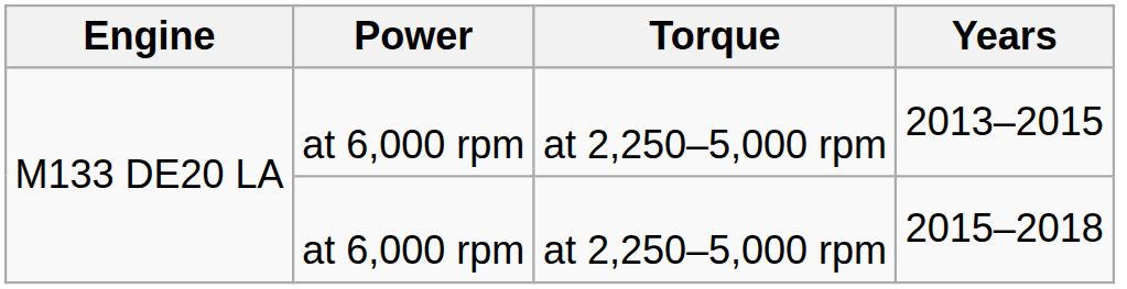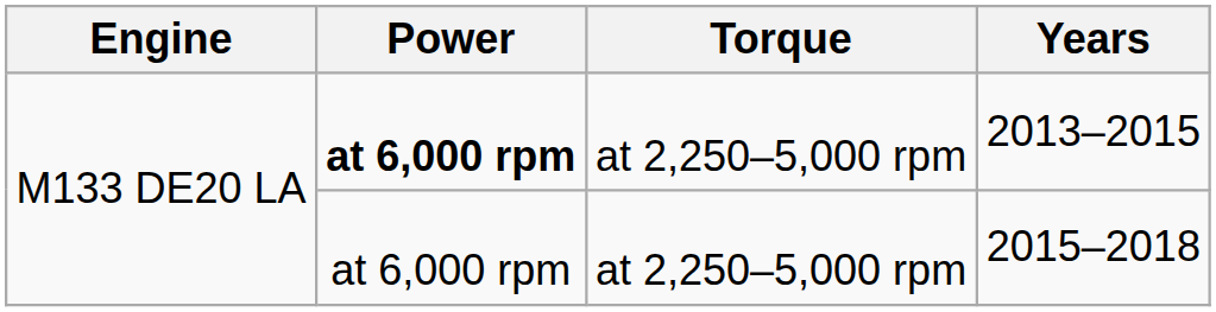 <table class="wikitable sortable" style="text-align: center;">
 <tr>
 <th>Engine</th>
 <th>Power</th>
 <th>Torque</th>
 <th>Years</th>
 </tr>
 <tr>
 <td rowspan="2">M133 DE20 LA</td>
-<td> <br> at 6,000 rpm</td>
+<td><strong> <br> at 6,000 rpm</strong></td>
 <td> <br> at 2,250–5,000 rpm</td>
 <td>2013–2015</td>
 </tr>
 <tr>
 <td> <br> at 6,000 rpm</td>
 <td> <br> at 2,250–5,000 rpm</td>
 <td>2015–2018</td>
 </tr>
 </table>
